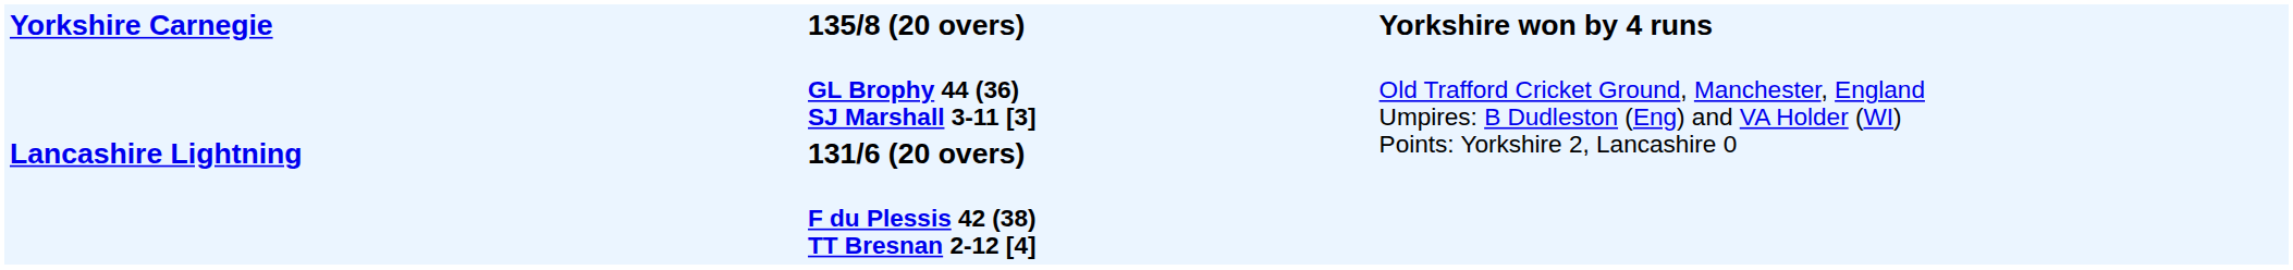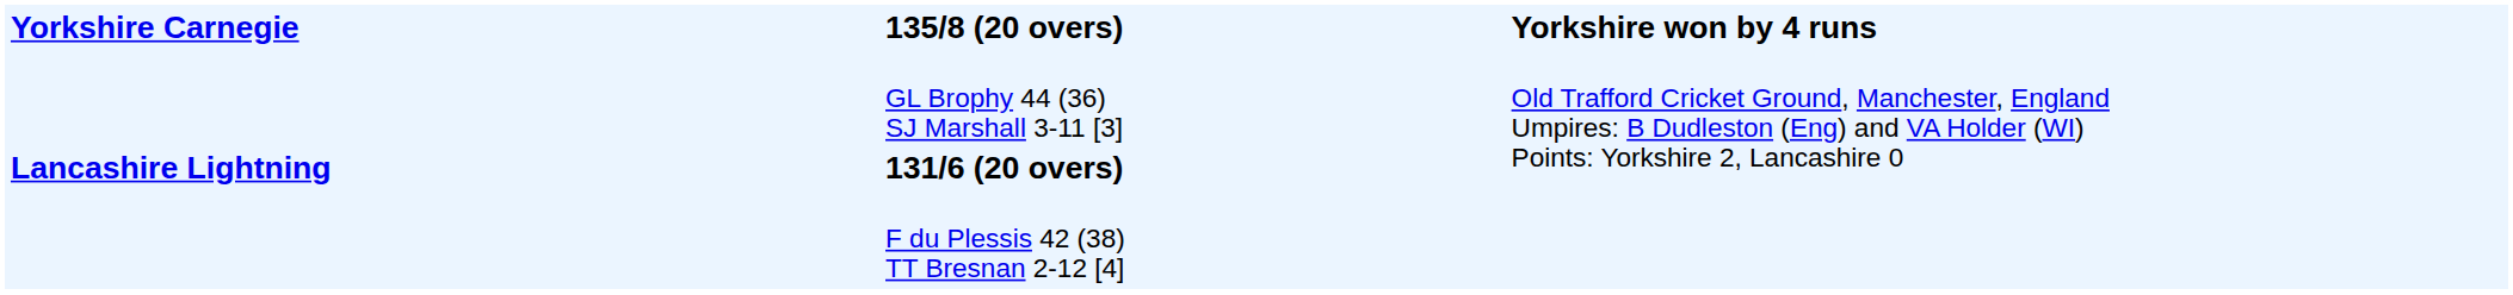 <table style="width:100%; background:#ebf5ff;">
 <tr>
 <td style="width:35%; vertical-align:top;" rowspan="2"><strong><a href='#'>Yorkshire Carnegie</a></strong></td>
 <td style="width:25%;"><strong>135/8 (20 overs)</strong></td>
 <td style="width:40%;"><strong>Yorkshire won by 4 runs</strong></td>
 </tr>
 <tr>
-<td style="font-size: 85%;"><strong><br><a href='#'>GL Brophy</a> 44 (36)<br> <a href='#'>SJ Marshall</a> 3-11 [3]</strong></td>
+<td style="font-size: 85%;"><br><a href='#'>GL Brophy</a> 44 (36)<br> <a href='#'>SJ Marshall</a> 3-11 [3]</td>
 <td style="vertical-align:top; font-size:85%;" rowspan="3"><br><a href='#'>Old Trafford Cricket Ground</a>, <a href='#'>Manchester</a>, <a href='#'>England</a><br> Umpires: <a href='#'>B Dudleston</a> (<a href='#'>Eng</a>) and <a href='#'>VA Holder</a> (<a href='#'>WI</a>)<br> Points: Yorkshire 2, Lancashire 0</td>
 </tr>
 <tr>
 <td style="vertical-align:top;" rowspan="2"><strong><a href='#'>Lancashire Lightning</a></strong></td>
 <td><strong>131/6 (20 overs)</strong></td>
 </tr>
 <tr>
-<td style="font-size: 85%;"><strong><br><a href='#'>F du Plessis</a> 42 (38)<br> <a href='#'>TT Bresnan</a> 2-12 [4]</strong></td>
+<td style="font-size: 85%;"><br><a href='#'>F du Plessis</a> 42 (38)<br> <a href='#'>TT Bresnan</a> 2-12 [4]</td>
 </tr>
 </table>
